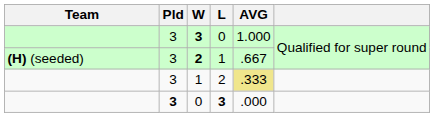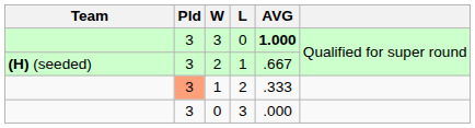 <table class="wikitable" style="text-align:center;">
 <tr>
 <th width=175>Team</th>
 <th width=20 abbr="Played">Pld</th>
 <th width=20 abbr="Won">W</th>
 <th width=20 abbr="Lost">L</th>
 <th width=30 abbr="Average">AVG</th>
 <th></th>
 </tr>
 <tr style="background:#ccffcc">
 <td align=left></td>
 <td>3</td>
-<td><strong>3</strong></td>
+<td>3</td>
 <td>0</td>
-<td>1.000</td>
+<td><strong>1.000</strong></td>
 <td rowspan="2">Qualified for super round</td>
 </tr>
 <tr style="background:#ccffcc">
 <td align=left> <strong>(H)</strong> (seeded)</td>
 <td>3</td>
-<td><strong>2</strong></td>
+<td>2</td>
 <td>1</td>
 <td>.667</td>
 </tr>
 <tr>
 <td align=left></td>
-<td>3</td>
+<td style="background: lightsalmon;">3</td>
 <td>1</td>
 <td>2</td>
-<td style="background: khaki;">.333</td>
+<td>.333</td>
 <td></td>
 </tr>
 <tr>
 <td align=left></td>
-<td><strong>3</strong></td>
+<td>3</td>
 <td>0</td>
-<td><strong>3</strong></td>
+<td>3</td>
 <td>.000</td>
 <td></td>
 </tr>
 </table>
